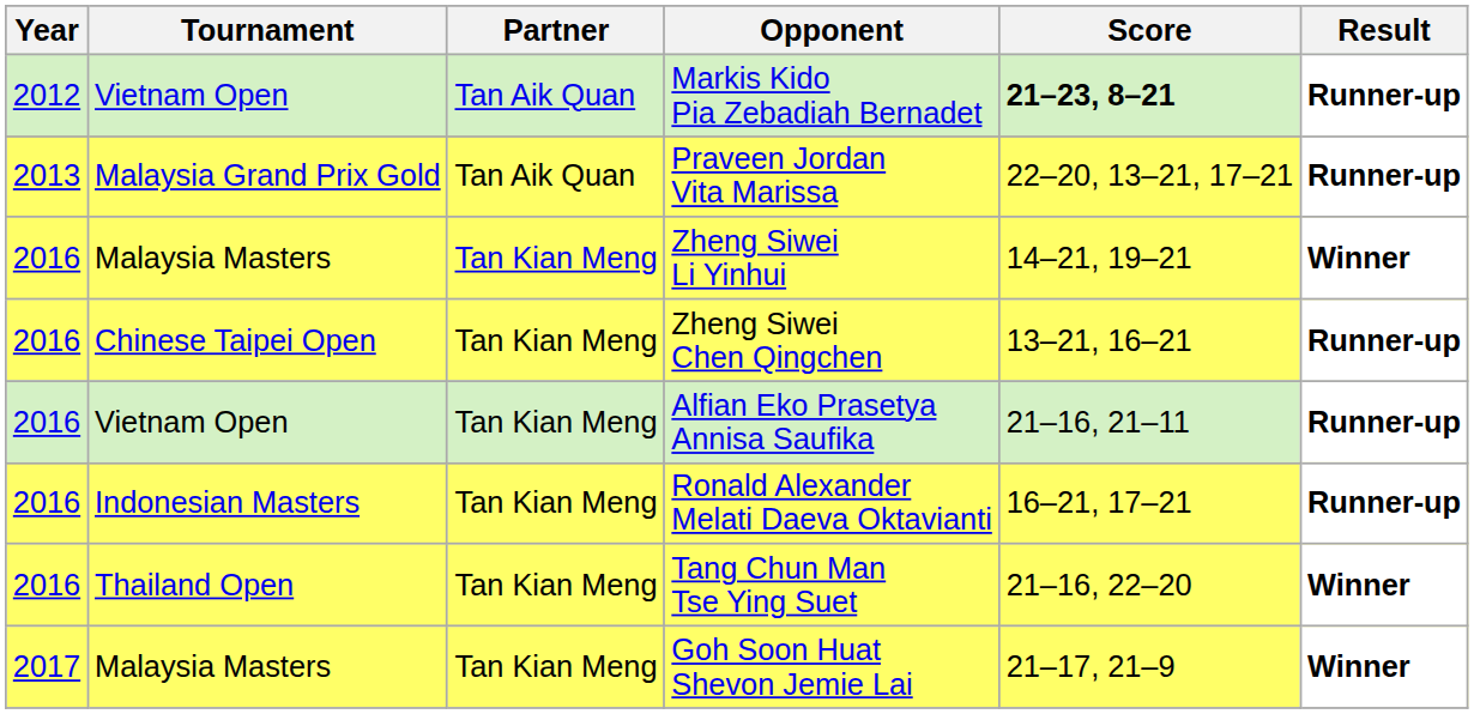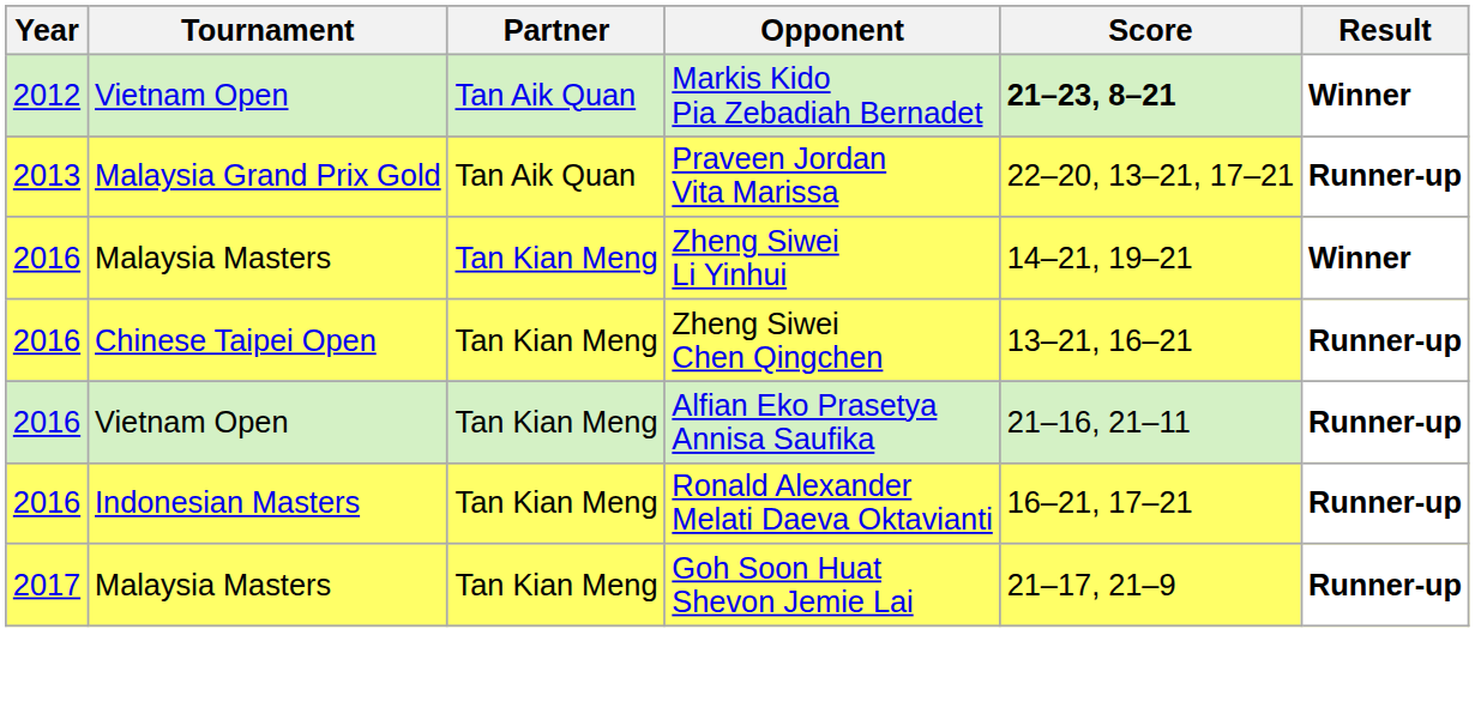 <table class="sortable wikitable" style="font-size: 90%;">
 <tr>
 <th>Year</th>
 <th>Tournament</th>
 <th>Partner</th>
 <th>Opponent</th>
 <th>Score</th>
 <th>Result</th>
 </tr>
 <tr style="background:#D4F1C5">
 <td align="center"><a href='#'>2012</a></td>
 <td align="left"><a href='#'>Vietnam Open</a></td>
 <td align="left"> <a href='#'>Tan Aik Quan</a></td>
 <td align="left"> <a href='#'>Markis Kido</a><br> <a href='#'>Pia Zebadiah Bernadet</a></td>
 <td align="left"><strong>21–23, 8–21</strong></td>
-<td style="text-align:left; background:white"> <strong>Runner-up</strong></td>
+<td style="text-align:left; background:white"> <strong>Winner</strong></td>
 </tr>
 <tr style="background:#FFFF67">
 <td align="center"><a href='#'>2013</a></td>
 <td align="left"><a href='#'>Malaysia Grand Prix Gold</a></td>
 <td align="left"> Tan Aik Quan</td>
 <td align="left"> <a href='#'>Praveen Jordan</a><br> <a href='#'>Vita Marissa</a></td>
 <td align="left">22–20, 13–21, 17–21</td>
 <td style="text-align:left; background:white"> <strong>Runner-up</strong></td>
 </tr>
 <tr style="background:#FFFF67">
 <td align="center"><a href='#'>2016</a></td>
 <td align="left">Malaysia Masters</td>
 <td align="left"> <a href='#'>Tan Kian Meng</a></td>
 <td align="left"> <a href='#'>Zheng Siwei</a><br> <a href='#'>Li Yinhui</a></td>
 <td align="left">14–21, 19–21</td>
 <td style="text-align:left; background:white"> <strong>Winner</strong></td>
 </tr>
 <tr style="background:#FFFF67">
 <td align="center"><a href='#'>2016</a></td>
 <td align="left"><a href='#'>Chinese Taipei Open</a></td>
 <td align="left"> Tan Kian Meng</td>
 <td align="left"> Zheng Siwei<br> <a href='#'>Chen Qingchen</a></td>
 <td align="left">13–21, 16–21</td>
 <td style="text-align:left; background:white"> <strong>Runner-up</strong></td>
 </tr>
 <tr style="background:#D4F1C5">
 <td align="center"><a href='#'>2016</a></td>
 <td align="left">Vietnam Open</td>
 <td align="left"> Tan Kian Meng</td>
 <td align="left"> <a href='#'>Alfian Eko Prasetya</a><br> <a href='#'>Annisa Saufika</a></td>
 <td align="left">21–16, 21–11</td>
 <td style="text-align:left; background:white"> <strong>Runner-up</strong></td>
 </tr>
 <tr style="background:#FFFF67">
 <td align="center"><a href='#'>2016</a></td>
 <td align="left"><a href='#'>Indonesian Masters</a></td>
 <td align="left"> Tan Kian Meng</td>
 <td align="left"> <a href='#'>Ronald Alexander</a><br> <a href='#'>Melati Daeva Oktavianti</a></td>
 <td align="left">16–21, 17–21</td>
 <td style="text-align:left; background:white"> <strong>Runner-up</strong></td>
 </tr>
 <tr style="background:#FFFF67">
-<td align="center"><a href='#'>2016</a></td>
-<td align="left"><a href='#'>Thailand Open</a></td>
-<td align="left"> Tan Kian Meng</td>
-<td align="left"> <a href='#'>Tang Chun Man</a><br> <a href='#'>Tse Ying Suet</a></td>
-<td align="left">21–16, 22–20</td>
-<td style="text-align:left; background:white"> <strong>Winner</strong></td>
-</tr>
-<tr style="background:#FFFF67">
 <td align="center"><a href='#'>2017</a></td>
 <td align="left">Malaysia Masters</td>
 <td align="left"> Tan Kian Meng</td>
 <td align="left"> <a href='#'>Goh Soon Huat</a><br> <a href='#'>Shevon Jemie Lai</a></td>
 <td align="left">21–17, 21–9</td>
-<td style="text-align:left; background:white"> <strong>Winner</strong></td>
+<td style="text-align:left; background:white"> <strong>Runner-up</strong></td>
 </tr>
 </table>
